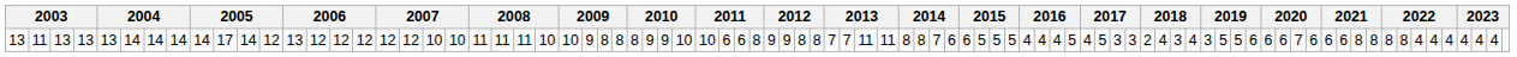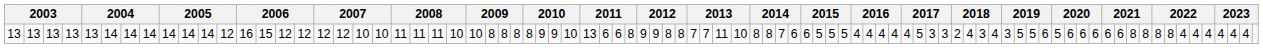 <table class="wikitable" style=" text-align:center; font-size:90%;" width="100%">
 <tr>
 <th colspan=4>2003</th>
 <th colspan=4>2004</th>
 <th colspan=4>2005</th>
 <th colspan=4>2006</th>
 <th colspan=4>2007</th>
 <th colspan=4>2008</th>
 <th colspan=4>2009</th>
 <th colspan=4>2010</th>
 <th colspan=4>2011</th>
 <th colspan=4>2012</th>
 <th colspan=4>2013</th>
 <th colspan=4>2014</th>
 <th colspan=4>2015</th>
 <th colspan=4>2016</th>
 <th colspan=4>2017</th>
 <th colspan=4>2018</th>
 <th colspan=4>2019</th>
 <th colspan=4>2020</th>
 <th colspan=4>2021</th>
 <th colspan=5>2022</th>
 <th colspan=4>2023</th>
 </tr>
 <tr>
 <td> 13</td>
-<td> 11</td>
+<td> 13</td>
 <td> 13</td>
 <td> 13</td>
 <td> 13</td>
 <td> 14</td>
 <td> 14</td>
 <td> 14</td>
 <td> 14</td>
-<td> 17</td>
+<td> 14</td>
 <td> 14</td>
 <td> 12</td>
-<td> 13</td>
-<td> 12</td>
+<td> 16</td>
+<td> 15</td>
 <td> 12</td>
 <td> 12</td>
 <td> 12</td>
 <td> 12</td>
 <td> 10</td>
 <td> 10</td>
 <td> 11</td>
 <td> 11</td>
 <td> 11</td>
 <td> 10</td>
 <td> 10</td>
-<td> 9</td>
+<td> 8</td>
 <td> 8</td>
 <td> 8</td>
 <td> 8</td>
 <td> 9</td>
 <td> 9</td>
 <td> 10</td>
-<td> 10</td>
+<td> 13</td>
 <td> 6</td>
 <td> 6</td>
 <td> 8</td>
 <td> 9</td>
 <td> 9</td>
 <td> 8</td>
 <td> 8</td>
 <td> 7</td>
 <td> 7</td>
 <td> 11</td>
-<td> 11</td>
+<td> 10</td>
 <td> 8</td>
 <td> 8</td>
 <td> 7</td>
 <td> 6</td>
 <td> 6</td>
 <td> 5</td>
 <td> 5</td>
 <td> 5</td>
 <td> 4</td>
 <td> 4</td>
 <td> 4</td>
-<td> 5</td>
+<td> 4</td>
 <td> 4</td>
 <td> 5</td>
 <td> 3</td>
 <td> 3</td>
 <td> 2</td>
 <td> 4</td>
 <td> 3</td>
 <td> 4</td>
 <td> 3</td>
 <td> 5</td>
 <td> 5</td>
 <td> 6</td>
+<td> 5</td>
 <td> 6</td>
 <td> 6</td>
-<td> 7</td>
 <td> 6</td>
 <td> 6</td>
 <td> 6</td>
 <td> 8</td>
 <td> 8</td>
 <td> 8</td>
 <td> 8</td>
 <td> 4</td>
 <td> 4</td>
 <td> 4</td>
 <td> 4</td>
 <td> 4</td>
 <td> 4</td>
 <td></td>
 </tr>
 </table>
